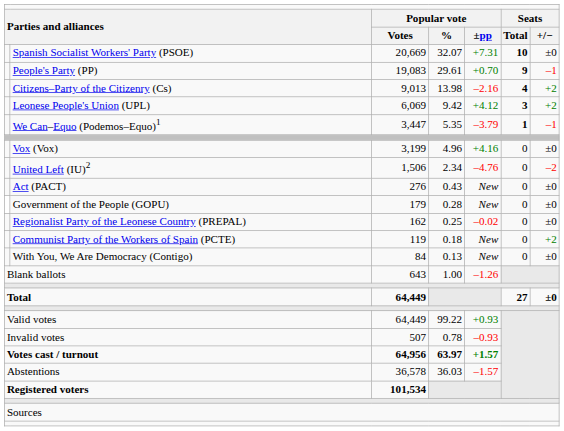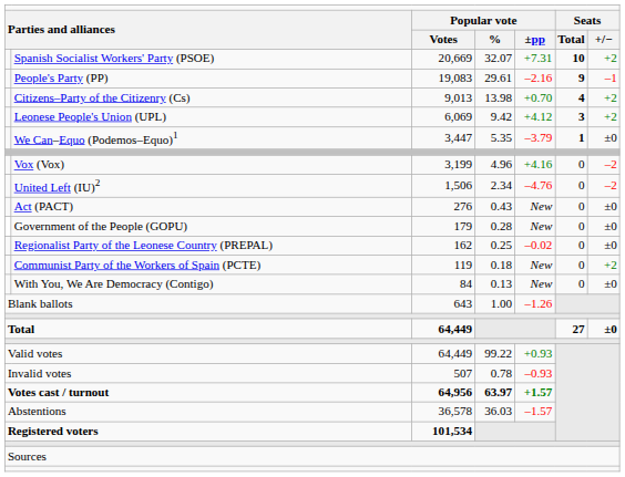 <table class="wikitable" style="text-align:right;">
 <tr>
 <td colspan="7"></td>
 </tr>
 <tr>
 <th style="text-align:left;" rowspan="2" colspan="2" width="525">Parties and alliances</th>
 <th colspan="3">Popular vote</th>
 <th colspan="2">Seats</th>
 </tr>
 <tr>
 <th width="75">Votes</th>
 <th width="45">%</th>
 <th width="45">±<a href='#'>pp</a></th>
 <th width="35">Total</th>
 <th width="35">+/−</th>
 </tr>
 <tr>
 <td width="1" style="color:inherit;background:"></td>
 <td align="left"><a href='#'>Spanish Socialist Workers' Party</a> (PSOE)</td>
 <td>20,669</td>
 <td>32.07</td>
 <td style="color:green;">+7.31</td>
 <td><strong>10</strong></td>
-<td>±0</td>
+<td style="color:green;">+2</td>
 </tr>
 <tr>
 <td style="color:inherit;background:"></td>
 <td align="left"><a href='#'>People's Party</a> (PP)</td>
 <td>19,083</td>
 <td>29.61</td>
-<td style="color:green;">+0.70</td>
+<td style="color:red;">–2.16</td>
 <td><strong>9</strong></td>
 <td style="color:red;">–1</td>
 </tr>
 <tr>
 <td style="color:inherit;background:"></td>
 <td align="left"><a href='#'>Citizens–Party of the Citizenry</a> (Cs)</td>
 <td>9,013</td>
 <td>13.98</td>
-<td style="color:red;">–2.16</td>
+<td style="color:green;">+0.70</td>
 <td><strong>4</strong></td>
 <td style="color:green;">+2</td>
 </tr>
 <tr>
 <td style="color:inherit;background:"></td>
 <td align="left"><a href='#'>Leonese People's Union</a> (UPL)</td>
 <td>6,069</td>
 <td>9.42</td>
 <td style="color:green;">+4.12</td>
 <td><strong>3</strong></td>
 <td style="color:green;">+2</td>
 </tr>
 <tr>
 <td style="color:inherit;background:"></td>
 <td align="left"><a href='#'>We Can</a>–<a href='#'>Equo</a> (Podemos–Equo)<sup>1</sup></td>
 <td>3,447</td>
 <td>5.35</td>
 <td style="color:red;">–3.79</td>
 <td><strong>1</strong></td>
-<td style="color:red;">–1</td>
+<td>±0</td>
 </tr>
 <tr>
 <td colspan="7" bgcolor="#C0C0C0"></td>
 </tr>
 <tr>
 <td style="color:inherit;background:"></td>
 <td align="left"><a href='#'>Vox</a> (Vox)</td>
 <td>3,199</td>
 <td>4.96</td>
 <td style="color:green;">+4.16</td>
 <td>0</td>
-<td>±0</td>
+<td style="color:red;">–2</td>
 </tr>
 <tr>
 <td style="color:inherit;background:"></td>
 <td align="left"><a href='#'>United Left</a> (IU)<sup>2</sup></td>
 <td>1,506</td>
 <td>2.34</td>
 <td style="color:red;">–4.76</td>
 <td>0</td>
 <td style="color:red;">–2</td>
 </tr>
 <tr>
 <td style="color:inherit;background:"></td>
 <td align="left"><a href='#'>Act</a> (PACT)</td>
 <td>276</td>
 <td>0.43</td>
 <td><em>New</em></td>
 <td>0</td>
 <td>±0</td>
 </tr>
 <tr>
 <td bgcolor="white"></td>
 <td align="left">Government of the People (GOPU)</td>
 <td>179</td>
 <td>0.28</td>
 <td><em>New</em></td>
 <td>0</td>
 <td>±0</td>
 </tr>
 <tr>
 <td style="color:inherit;background:"></td>
 <td align="left"><a href='#'>Regionalist Party of the Leonese Country</a> (PREPAL)</td>
 <td>162</td>
 <td>0.25</td>
 <td style="color:red;">–0.02</td>
 <td>0</td>
 <td>±0</td>
 </tr>
 <tr>
 <td style="color:inherit;background:"></td>
 <td align="left"><a href='#'>Communist Party of the Workers of Spain</a> (PCTE)</td>
 <td>119</td>
 <td>0.18</td>
 <td><em>New</em></td>
 <td>0</td>
 <td style="color:green;">+2</td>
 </tr>
 <tr>
 <td style="color:inherit;background:"></td>
 <td align="left">With You, We Are Democracy (Contigo)</td>
 <td>84</td>
 <td>0.13</td>
 <td><em>New</em></td>
 <td>0</td>
 <td>±0</td>
 </tr>
 <tr>
 <td align="left" colspan="2">Blank ballots</td>
 <td>643</td>
 <td>1.00</td>
 <td style="color:red;">–1.26</td>
 <td bgcolor="#E9E9E9" colspan="2"></td>
 </tr>
 <tr>
 <td colspan="7" bgcolor="#E9E9E9"></td>
 </tr>
 <tr style="font-weight:bold;">
 <td align="left" colspan="2">Total</td>
 <td>64,449</td>
 <td bgcolor="#E9E9E9" colspan="2"></td>
 <td>27</td>
 <td>±0</td>
 </tr>
 <tr>
 <td colspan="7" bgcolor="#E9E9E9"></td>
 </tr>
 <tr>
 <td align="left" colspan="2">Valid votes</td>
 <td>64,449</td>
 <td>99.22</td>
 <td style="color:green;">+0.93</td>
 <td bgcolor="#E9E9E9" colspan="2" rowspan="5"></td>
 </tr>
 <tr>
 <td align="left" colspan="2">Invalid votes</td>
 <td>507</td>
 <td>0.78</td>
 <td style="color:red;">–0.93</td>
 </tr>
 <tr style="font-weight:bold;">
 <td align="left" colspan="2">Votes cast / turnout</td>
 <td>64,956</td>
 <td>63.97</td>
 <td style="color:green;">+1.57</td>
 </tr>
 <tr>
 <td align="left" colspan="2">Abstentions</td>
 <td>36,578</td>
 <td>36.03</td>
 <td style="color:red;">–1.57</td>
 </tr>
 <tr style="font-weight:bold;">
 <td align="left" colspan="2">Registered voters</td>
 <td>101,534</td>
 <td bgcolor="#E9E9E9" colspan="2"></td>
 </tr>
 <tr>
 <td colspan="7" bgcolor="#E9E9E9"></td>
 </tr>
 <tr>
 <td align="left" colspan="7">Sources</td>
 </tr>
 <tr>
 <td colspan="7" style="text-align:left; max-width:790px;"></td>
 </tr>
 </table>
